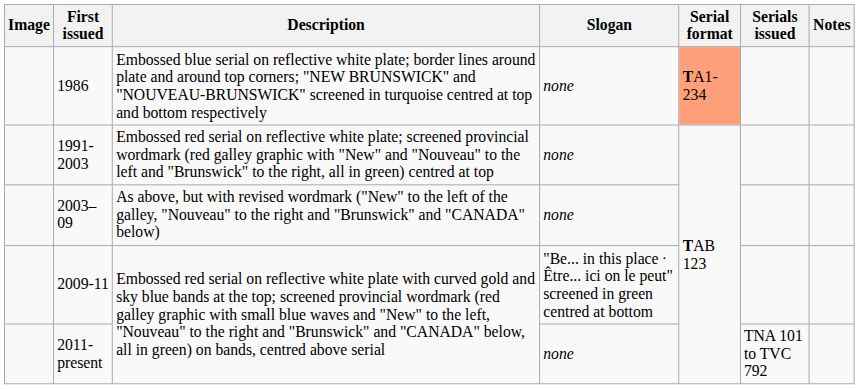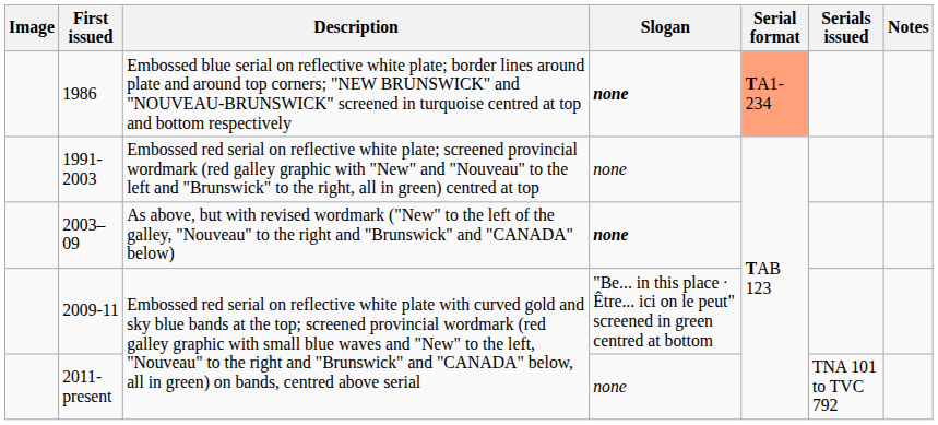 <table class="wikitable">
 <tr>
 <th>Image</th>
 <th>First issued</th>
 <th>Description</th>
 <th>Slogan</th>
 <th>Serial format</th>
 <th>Serials issued</th>
 <th>Notes</th>
 </tr>
 <tr>
 <td></td>
 <td>1986</td>
 <td>Embossed blue serial on reflective white plate; border lines around plate and around top corners; "NEW BRUNSWICK" and "NOUVEAU-BRUNSWICK" screened in turquoise centred at top and bottom respectively</td>
-<td><em>none</em></td>
+<td><strong><em>none</em></strong></td>
 <td style="background: lightsalmon;"><strong>T</strong>A1-234</td>
 <td></td>
 <td></td>
 </tr>
 <tr>
 <td></td>
 <td>1991-2003</td>
 <td>Embossed red serial on reflective white plate; screened provincial wordmark (red galley graphic with "New" and "Nouveau" to the left and "Brunswick" to the right, all in green) centred at top</td>
 <td><em>none</em></td>
 <td rowspan="4"><strong>T</strong>AB 123</td>
 <td></td>
 <td></td>
 </tr>
 <tr>
 <td></td>
 <td>2003–09</td>
 <td>As above, but with revised wordmark ("New" to the left of the galley, "Nouveau" to the right and "Brunswick" and "CANADA" below)</td>
-<td><em>none</em></td>
+<td><strong><em>none</em></strong></td>
 <td></td>
 <td></td>
 </tr>
 <tr>
 <td></td>
 <td>2009-11</td>
 <td rowspan="2">Embossed red serial on reflective white plate with curved gold and sky blue bands at the top; screened provincial wordmark (red galley graphic with small blue waves and "New" to the left, "Nouveau" to the right and "Brunswick" and "CANADA" below, all in green) on bands, centred above serial</td>
 <td>"Be... in this place  ᐧ  Être... ici on le peut" screened in green centred at bottom</td>
 <td></td>
 <td></td>
 </tr>
 <tr>
 <td></td>
 <td>2011-present</td>
 <td><em>none</em></td>
 <td>TNA 101 to TVC 792 </td>
 <td></td>
 </tr>
 </table>
